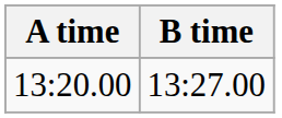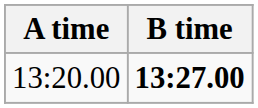 <table class="wikitable" border="1" align="upright">
 <tr>
 <th>A time</th>
 <th>B time</th>
 </tr>
 <tr>
 <td>13:20.00</td>
-<td>13:27.00</td>
+<td><strong>13:27.00</strong></td>
 </tr>
 </table>
